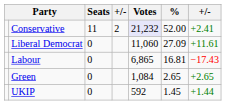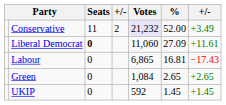 <table class="wikitable">
 <tr>
 <th colspan="2">Party</th>
 <th>Seats</th>
 <th>+/-</th>
 <th>Votes</th>
 <th>%</th>
 <th>+/-</th>
 </tr>
 <tr>
 <td style="background-color: "></td>
 <td><a href='#'>Conservative</a></td>
 <td>11</td>
 <td> 2</td>
 <td style="background: lavender;">21,232</td>
 <td>52.00</td>
-<td style="color:green">+2.41</td>
+<td style="color:green">+3.49</td>
 </tr>
 <tr>
 <td style="background-color: "></td>
 <td><a href='#'>Liberal Democrat</a></td>
-<td>0</td>
+<td><strong>0</strong></td>
 <td></td>
 <td>11,060</td>
 <td>27.09</td>
 <td style="color:green">+11.61</td>
 </tr>
 <tr>
 <td style="background-color: "></td>
 <td><a href='#'>Labour</a></td>
 <td>0</td>
 <td></td>
 <td>6,865</td>
 <td>16.81</td>
 <td style="color:red">−17.43</td>
 </tr>
 <tr>
 <td style="background-color: "></td>
 <td><a href='#'>Green</a></td>
 <td>0</td>
 <td></td>
 <td>1,084</td>
 <td>2.65</td>
 <td style="color:green">+2.65</td>
 </tr>
 <tr>
 <td style="background-color: "></td>
 <td><a href='#'>UKIP</a></td>
 <td>0</td>
 <td></td>
 <td>592</td>
 <td>1.45</td>
-<td style="color:green">+1.44</td>
+<td style="color:green">+1.45</td>
 </tr>
 </table>
